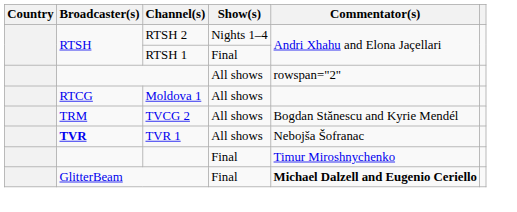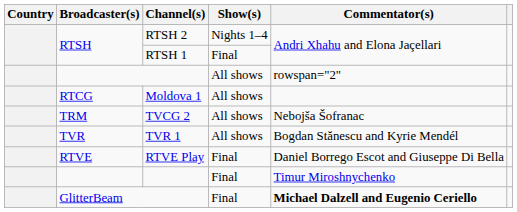 <table class="wikitable plainrowheaders">
 <tr>
 <th>Country</th>
 <th>Broadcaster(s)</th>
 <th>Channel(s)</th>
 <th>Show(s)</th>
 <th>Commentator(s)</th>
 <th></th>
 </tr>
 <tr>
 <th scope="row" rowspan="2"></th>
 <td rowspan="2"><a href='#'>RTSH</a></td>
 <td>RTSH 2</td>
 <td>Nights 1–4</td>
 <td rowspan="2"><a href='#'>Andri Xhahu</a> and Elona Jaçellari</td>
 <td rowspan="2"></td>
 </tr>
 <tr>
 <td>RTSH 1</td>
 <td>Final</td>
 </tr>
 <tr>
 <th scope="row"></th>
 <td colspan="2"></td>
 <td>All shows</td>
 <td>rowspan="2" </td>
 <td></td>
 </tr>
 <tr>
 <th scope="row"></th>
 <td><a href='#'>RTCG</a></td>
 <td><a href='#'>Moldova 1</a></td>
 <td>All shows</td>
 <td></td>
 </tr>
 <tr>
 <th scope="row"></th>
 <td><a href='#'>TRM</a></td>
 <td><a href='#'>TVCG 2</a></td>
 <td>All shows</td>
+<td>Nebojša Šofranac</td>
+<td></td>
+</tr>
+<tr>
+<th scope="row"></th>
+<td><a href='#'>TVR</a></td>
+<td><a href='#'>TVR 1</a></td>
+<td>All shows</td>
 <td>Bogdan Stănescu and Kyrie Mendél</td>
 <td></td>
 </tr>
 <tr>
 <th scope="row"></th>
-<td><strong><a href='#'>TVR</a></strong></td>
-<td><a href='#'>TVR 1</a></td>
-<td>All shows</td>
-<td>Nebojša Šofranac</td>
+<td><a href='#'>RTVE</a></td>
+<td><a href='#'>RTVE Play</a></td>
+<td>Final</td>
+<td>Daniel Borrego Escot and Giuseppe Di Bella</td>
 <td></td>
 </tr>
 <tr>
 <th scope="row"></th>
 <td></td>
 <td></td>
 <td>Final</td>
 <td><a href='#'>Timur Miroshnychenko</a></td>
 <td></td>
 </tr>
 <tr>
 <th scope="row"></th>
 <td colspan="2"><a href='#'>GlitterBeam</a></td>
 <td>Final</td>
 <td><strong>Michael Dalzell and Eugenio Ceriello</strong></td>
 <td></td>
 </tr>
 </table>
